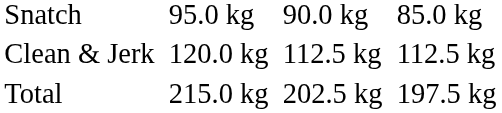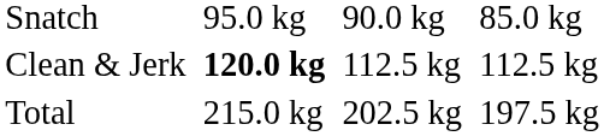 <table>
 <tr>
 <td>Snatch</td>
 <td></td>
 <td>95.0 kg</td>
 <td></td>
 <td>90.0 kg</td>
 <td></td>
 <td>85.0 kg</td>
 </tr>
 <tr>
 <td>Clean & Jerk</td>
 <td></td>
-<td>120.0 kg</td>
+<td><strong>120.0 kg</strong></td>
 <td></td>
 <td>112.5 kg</td>
 <td></td>
 <td>112.5 kg</td>
 </tr>
 <tr>
 <td>Total</td>
 <td></td>
 <td>215.0 kg</td>
 <td></td>
 <td>202.5 kg</td>
 <td></td>
 <td>197.5 kg</td>
 </tr>
 </table>
